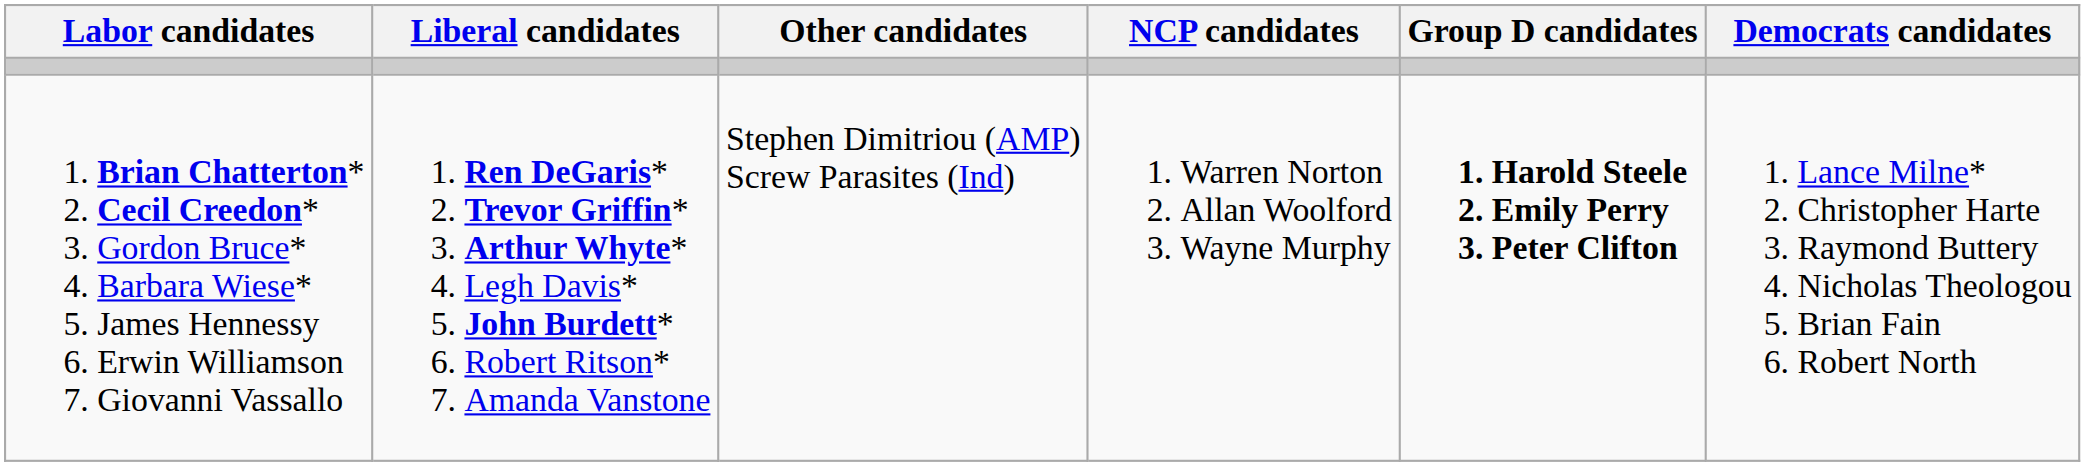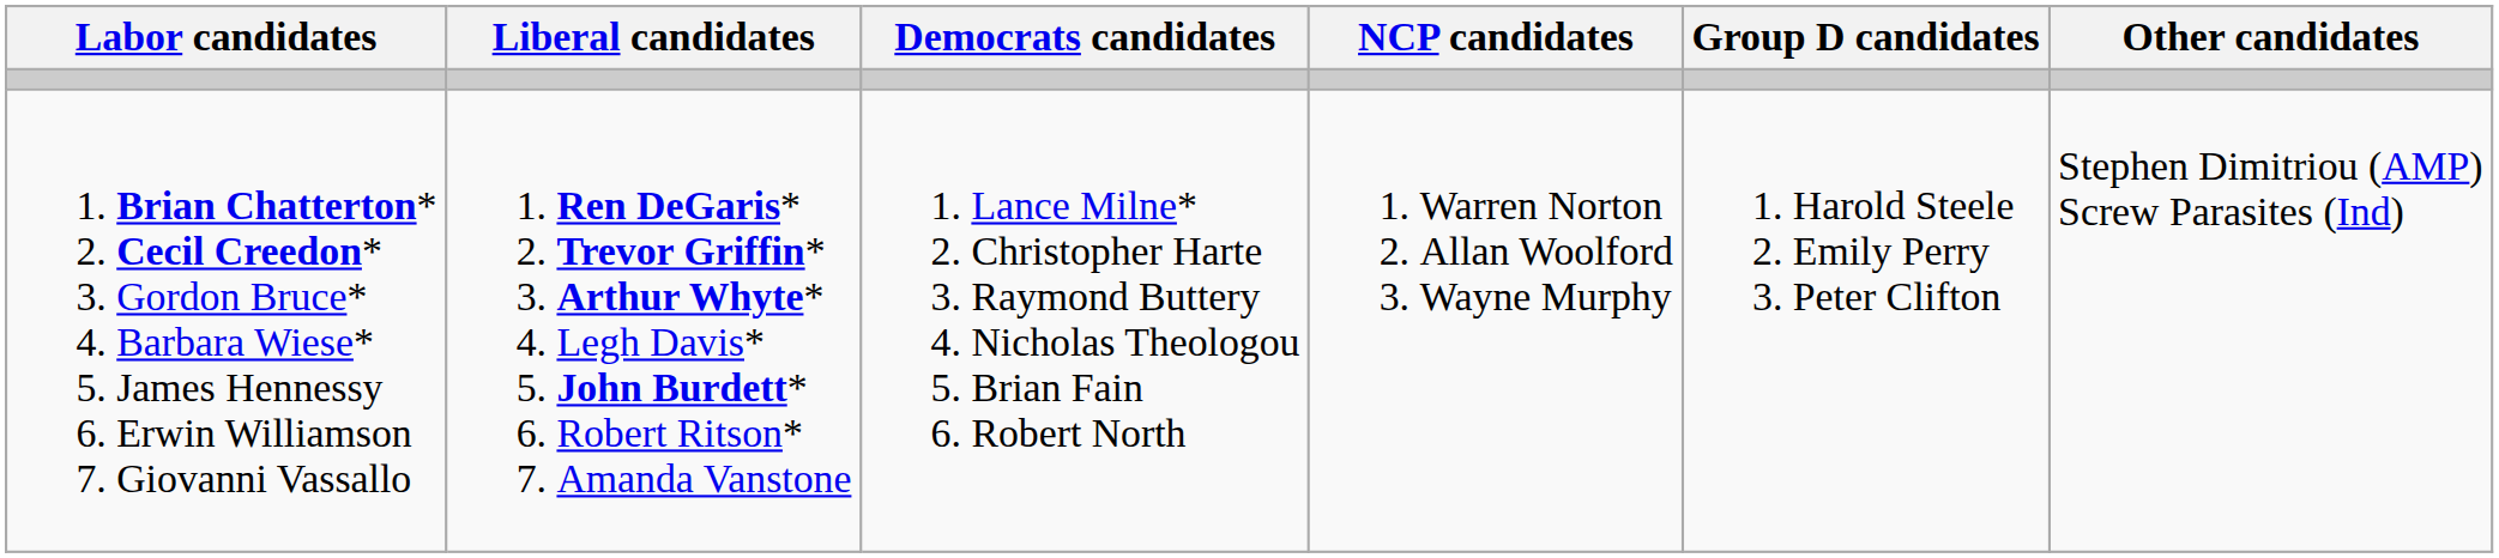 <table class="wikitable">
 <tr>
 <th><a href='#'>Labor</a> candidates</th>
 <th><a href='#'>Liberal</a> candidates</th>
-<th>Other candidates</th>
+<th><a href='#'>Democrats</a> candidates</th>
 <th><a href='#'>NCP</a> candidates</th>
 <th>Group D candidates</th>
-<th><a href='#'>Democrats</a> candidates</th>
+<th>Other candidates</th>
 </tr>
 <tr bgcolor="#cccccc">
 <td></td>
 <td></td>
 <td></td>
 <td></td>
 <td></td>
 <td></td>
 </tr>
 <tr>
 <td valign=top ><br><ol><li><strong><a href='#'>Brian Chatterton</a></strong>*</li><li><strong><a href='#'>Cecil Creedon</a></strong>*</li><li><a href='#'>Gordon Bruce</a>*</li><li><a href='#'>Barbara Wiese</a>*</li><li>James Hennessy</li><li>Erwin Williamson</li><li>Giovanni Vassallo</li></ol></td>
 <td valign=top ><br><ol><li><strong><a href='#'>Ren DeGaris</a></strong>*</li><li><strong><a href='#'>Trevor Griffin</a></strong>*</li><li><strong><a href='#'>Arthur Whyte</a></strong>*</li><li><a href='#'>Legh Davis</a>*</li><li><strong><a href='#'>John Burdett</a></strong>*</li><li><a href='#'>Robert Ritson</a>*</li><li><a href='#'>Amanda Vanstone</a></li></ol></td>
+<td valign=top ><br><ol><li><a href='#'>Lance Milne</a>*</li><li>Christopher Harte</li><li>Raymond Buttery</li><li>Nicholas Theologou</li><li>Brian Fain</li><li>Robert North</li></ol></td>
+<td valign=top><br><ol><li>Warren Norton</li><li>Allan Woolford</li><li>Wayne Murphy</li></ol></td>
+<td valign=top><br><ol><li>Harold Steele</li><li>Emily Perry</li><li>Peter Clifton</li></ol></td>
 <td valign=top><br>Stephen Dimitriou (<a href='#'>AMP</a>) <br> Screw Parasites (<a href='#'>Ind</a>)</td>
-<td valign=top><br><ol><li>Warren Norton</li><li>Allan Woolford</li><li>Wayne Murphy</li></ol></td>
-<td valign=top><strong><br><ol><li>Harold Steele</li><li>Emily Perry</li><li>Peter Clifton</li></ol></strong></td>
-<td valign=top ><br><ol><li><a href='#'>Lance Milne</a>*</li><li>Christopher Harte</li><li>Raymond Buttery</li><li>Nicholas Theologou</li><li>Brian Fain</li><li>Robert North</li></ol></td>
 </tr>
 </table>
